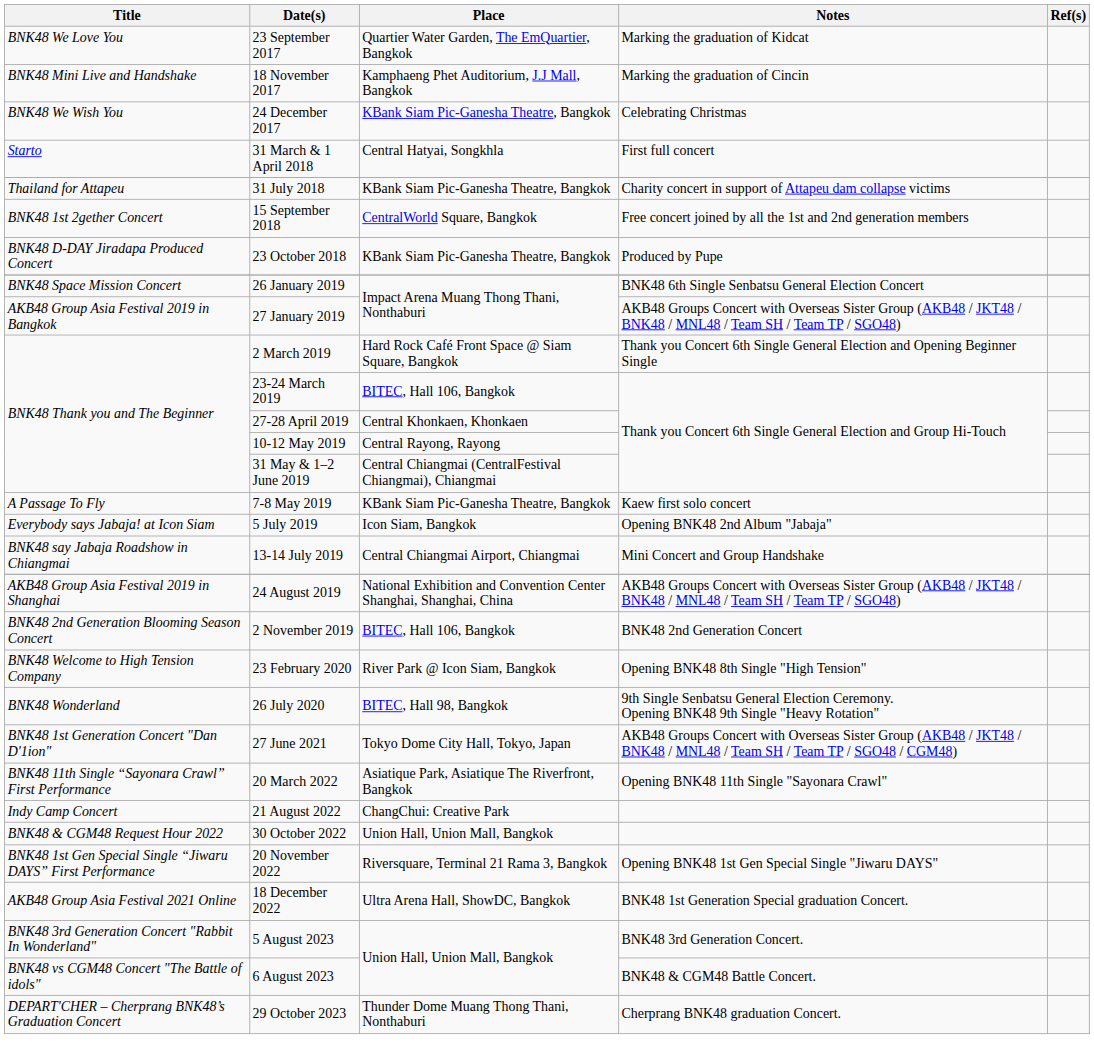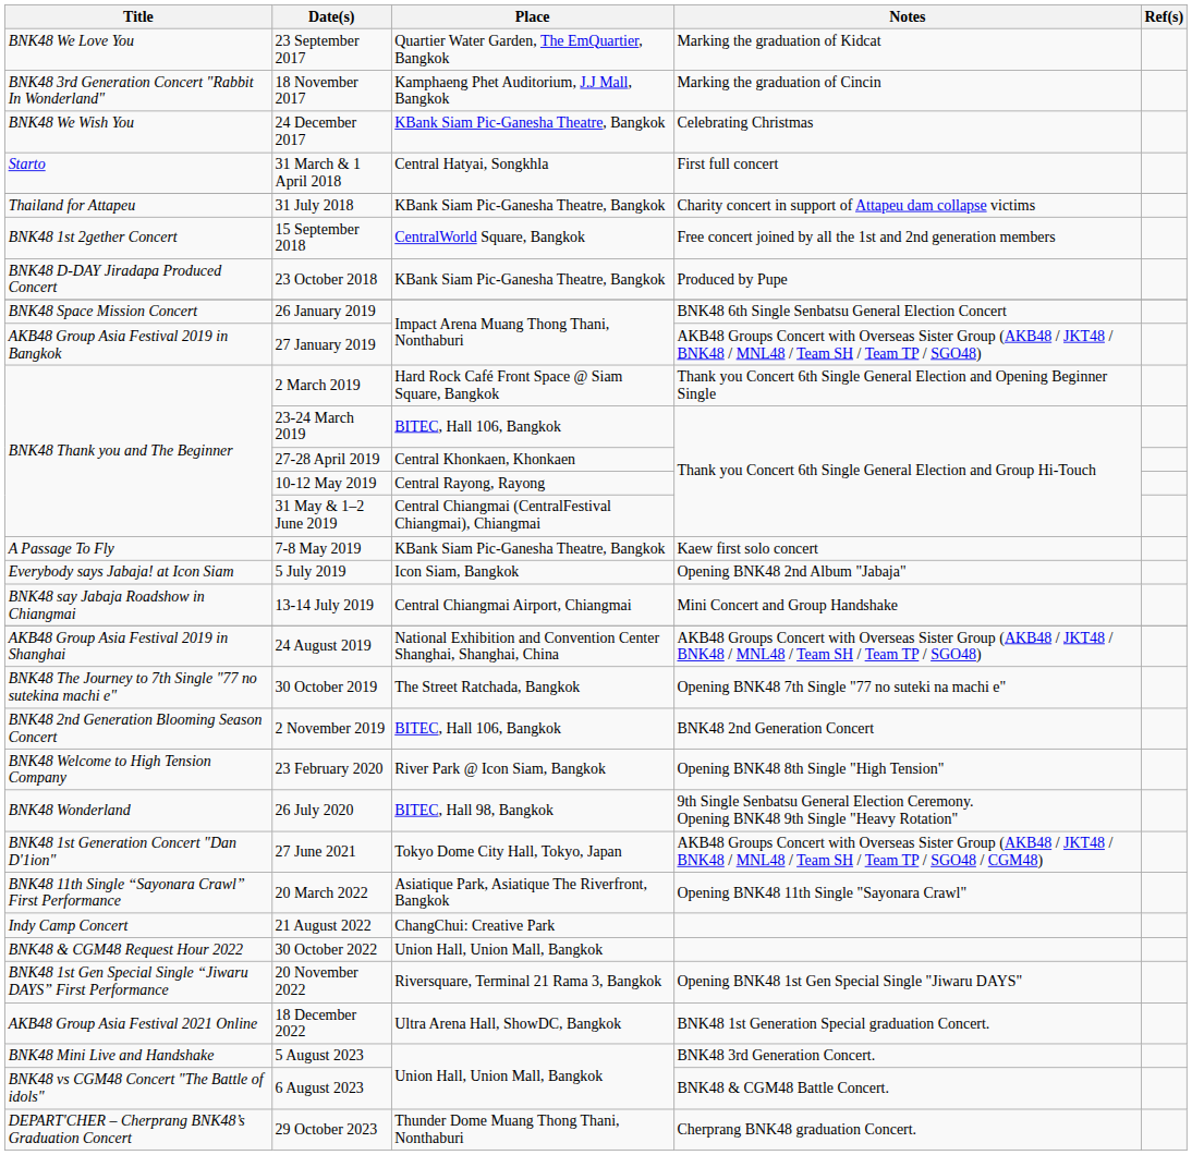 <table class="wikitable" style="text-align:left; ">
 <tr style="vertical-align:top;">
 <th>Title</th>
 <th>Date(s)</th>
 <th>Place</th>
 <th>Notes</th>
 <th>Ref(s)</th>
 </tr>
 <tr style="vertical-align:top;">
 <td><em>BNK48 We Love You</em></td>
 <td>23 September 2017</td>
 <td>Quartier Water Garden, <a href='#'>The EmQuartier</a>, Bangkok</td>
 <td>Marking the graduation of Kidcat</td>
 <td></td>
 </tr>
 <tr style="vertical-align:top;">
-<td><em>BNK48 Mini Live and Handshake</em></td>
+<td><em>BNK48 3rd Generation Concert "Rabbit In Wonderland"</em></td>
 <td>18 November 2017</td>
 <td>Kamphaeng Phet Auditorium, <a href='#'>J.J Mall</a>, Bangkok</td>
 <td>Marking the graduation of Cincin</td>
 <td></td>
 </tr>
 <tr style="vertical-align:top;">
 <td><em>BNK48 We Wish You</em></td>
 <td>24 December 2017</td>
 <td><a href='#'>KBank Siam Pic-Ganesha Theatre</a>, Bangkok</td>
 <td>Celebrating Christmas</td>
 <td></td>
 </tr>
 <tr style="vertical-align:top;">
 <td><em><a href='#'>Starto</a></em></td>
 <td>31 March & 1 April 2018</td>
 <td>Central Hatyai, Songkhla</td>
 <td>First full concert</td>
 <td></td>
 </tr>
 <tr>
 </tr>
 <tr style="vertical-align:top;">
 <td><em>Thailand for Attapeu</em></td>
 <td>31 July 2018</td>
 <td>KBank Siam Pic-Ganesha Theatre, Bangkok</td>
 <td>Charity concert in support of <a href='#'>Attapeu dam collapse</a> victims</td>
 <td></td>
 </tr>
 <tr>
 <td><em>BNK48 1st 2gether Concert</em></td>
 <td>15 September 2018</td>
 <td><a href='#'>CentralWorld</a> Square, Bangkok</td>
 <td>Free concert joined by all the 1st and 2nd generation members</td>
 <td></td>
 </tr>
 <tr>
 <td><em>BNK48 D-DAY Jiradapa Produced Concert</em></td>
 <td>23 October 2018</td>
 <td>KBank Siam Pic-Ganesha Theatre, Bangkok</td>
 <td>Produced by Pupe</td>
 <td></td>
 </tr>
 <tr>
 </tr>
 <tr>
 <td><em>BNK48 Space Mission Concert</em></td>
 <td>26 January 2019</td>
 <td rowspan="2">Impact Arena Muang Thong Thani, Nonthaburi</td>
 <td>BNK48 6th Single Senbatsu General Election Concert</td>
 <td></td>
 </tr>
 <tr>
 <td><em>AKB48 Group Asia Festival 2019 in Bangkok</em></td>
 <td>27 January 2019</td>
 <td>AKB48 Groups Concert with Overseas Sister Group (<a href='#'>AKB48</a> / <a href='#'>JKT48</a> / <a href='#'>BNK48</a> / <a href='#'>MNL48</a> / <a href='#'>Team SH</a> / <a href='#'>Team TP</a> / <a href='#'>SGO48</a>)</td>
 <td></td>
 </tr>
 <tr>
 <td rowspan="5"><em>BNK48 Thank you and The Beginner</em></td>
 <td>2 March 2019</td>
 <td>Hard Rock Café Front Space @ Siam Square, Bangkok</td>
 <td>Thank you Concert 6th Single General Election and Opening Beginner Single</td>
 <td></td>
 </tr>
 <tr>
 <td>23-24 March 2019</td>
 <td><a href='#'>BITEC</a>, Hall 106, Bangkok</td>
 <td rowspan="4">Thank you Concert 6th Single General Election and Group Hi-Touch</td>
 <td></td>
 </tr>
 <tr>
 <td>27-28 April 2019</td>
 <td>Central Khonkaen, Khonkaen</td>
 <td></td>
 </tr>
 <tr>
 <td>10-12 May 2019</td>
 <td>Central Rayong, Rayong</td>
 <td></td>
 </tr>
 <tr>
 <td>31 May & 1–2 June 2019</td>
 <td>Central Chiangmai (CentralFestival Chiangmai), Chiangmai</td>
 <td></td>
 </tr>
 <tr>
 <td><em>A Passage To Fly </em></td>
 <td>7-8 May 2019</td>
 <td>KBank Siam Pic-Ganesha Theatre, Bangkok</td>
 <td>Kaew first solo concert</td>
 <td></td>
 </tr>
 <tr>
 <td><em>Everybody says Jabaja! at Icon Siam</em></td>
 <td>5 July 2019</td>
 <td>Icon Siam, Bangkok</td>
 <td>Opening BNK48 2nd Album "Jabaja"</td>
 <td></td>
 </tr>
 <tr>
 <td><em>BNK48 say Jabaja Roadshow in Chiangmai</em></td>
 <td>13-14 July 2019</td>
 <td>Central Chiangmai Airport, Chiangmai</td>
 <td>Mini Concert and Group Handshake</td>
 <td></td>
 </tr>
 <tr>
 </tr>
 <tr>
 <td><em>AKB48 Group Asia Festival 2019 in Shanghai</em></td>
 <td>24 August 2019</td>
 <td>National Exhibition and Convention Center Shanghai, Shanghai, China</td>
 <td>AKB48 Groups Concert with Overseas Sister Group (<a href='#'>AKB48</a> / <a href='#'>JKT48</a> / <a href='#'>BNK48</a> / <a href='#'>MNL48</a> / <a href='#'>Team SH</a> / <a href='#'>Team TP</a> / <a href='#'>SGO48</a>)</td>
 <td></td>
 </tr>
 <tr>
+<td><em>BNK48 The Journey to 7th Single "77 no sutekina machi e"</em></td>
+<td>30 October 2019</td>
+<td>The Street Ratchada, Bangkok</td>
+<td>Opening BNK48 7th Single "77 no suteki na machi e"</td>
+<td></td>
+</tr>
+<tr>
 <td><em>BNK48 2nd Generation Blooming Season Concert</em></td>
 <td>2 November 2019</td>
 <td><a href='#'>BITEC</a>, Hall 106, Bangkok</td>
 <td>BNK48 2nd Generation Concert</td>
 <td></td>
 </tr>
 <tr>
 <td><em>BNK48 Welcome to High Tension Company</em></td>
 <td>23 February 2020</td>
 <td>River Park @ Icon Siam, Bangkok</td>
 <td>Opening BNK48 8th Single "High Tension"</td>
 <td></td>
 </tr>
 <tr>
 <td><em>BNK48 Wonderland</em></td>
 <td>26 July 2020</td>
 <td><a href='#'>BITEC</a>, Hall 98, Bangkok</td>
 <td>9th Single Senbatsu General Election Ceremony. <br> Opening BNK48 9th Single "Heavy Rotation"</td>
 <td></td>
 </tr>
 <tr>
 <td><em>BNK48 1st Generation Concert "Dan D'1ion"</em></td>
 <td>27 June 2021</td>
 <td>Tokyo Dome City Hall, Tokyo, Japan</td>
 <td>AKB48 Groups Concert with Overseas Sister Group (<a href='#'>AKB48</a> / <a href='#'>JKT48</a> / <a href='#'>BNK48</a> / <a href='#'>MNL48</a> / <a href='#'>Team SH</a> / <a href='#'>Team TP</a> / <a href='#'>SGO48</a> / <a href='#'>CGM48</a>)</td>
 <td></td>
 </tr>
 <tr>
 <td><em>BNK48 11th Single “Sayonara Crawl” First Performance</em></td>
 <td>20 March 2022</td>
 <td>Asiatique Park, Asiatique The Riverfront, Bangkok</td>
 <td>Opening BNK48 11th Single "Sayonara Crawl"</td>
 <td></td>
 </tr>
 <tr>
 <td><em>Indy Camp Concert</em></td>
 <td>21 August 2022</td>
 <td>ChangChui: Creative Park</td>
 <td></td>
 <td></td>
 </tr>
 <tr>
 <td><em>BNK48 & CGM48 Request Hour 2022</em></td>
 <td>30 October 2022</td>
 <td>Union Hall, Union Mall, Bangkok</td>
 <td></td>
 <td></td>
 </tr>
 <tr>
 <td><em>BNK48 1st Gen Special Single “Jiwaru DAYS” First Performance</em></td>
 <td>20 November 2022</td>
 <td>Riversquare, Terminal 21 Rama 3, Bangkok</td>
 <td>Opening BNK48 1st Gen Special Single "Jiwaru DAYS"</td>
 <td></td>
 </tr>
 <tr>
 <td><em>AKB48 Group Asia Festival 2021 Online</em></td>
 <td>18 December 2022</td>
 <td>Ultra Arena Hall, ShowDC, Bangkok</td>
 <td>BNK48 1st Generation Special graduation Concert.</td>
 <td></td>
 </tr>
 <tr>
-<td><em>BNK48 3rd Generation Concert "Rabbit In Wonderland"</em></td>
+<td><em>BNK48 Mini Live and Handshake</em></td>
 <td>5 August 2023</td>
 <td rowspan="2">Union Hall, Union Mall, Bangkok</td>
 <td>BNK48 3rd Generation Concert.</td>
 <td></td>
 </tr>
 <tr>
 <td><em>BNK48 vs CGM48 Concert "The Battle of idols"</em></td>
 <td>6 August 2023</td>
 <td>BNK48 & CGM48 Battle Concert.</td>
 <td></td>
 </tr>
 <tr>
 <td><em>DEPART'CHER – Cherprang BNK48’s Graduation Concert</em></td>
 <td>29 October 2023</td>
 <td>Thunder Dome Muang Thong Thani, Nonthaburi</td>
 <td>Cherprang BNK48 graduation Concert.</td>
 <td></td>
 </tr>
 </table>
